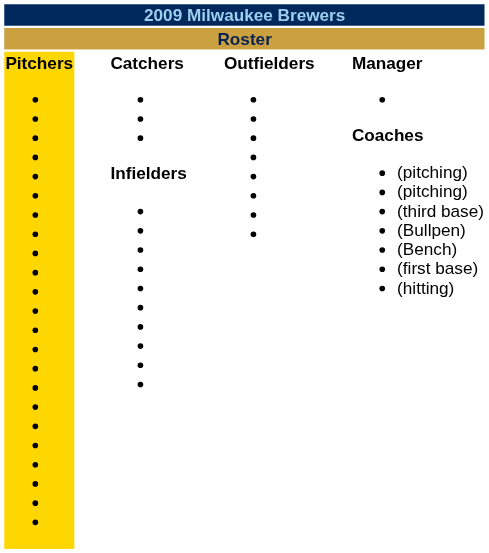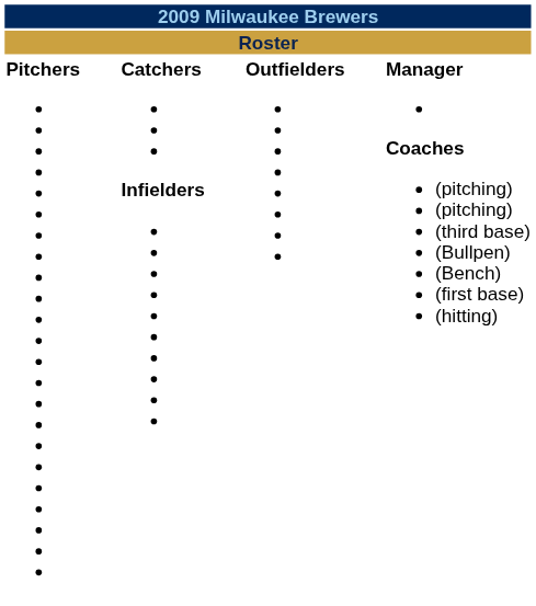 <table class="toccolours" style="font-size: 95%;">
 <tr>
 <th colspan="10" style="background-color: #00285D; color: #9ECEEE; text-align: center;">2009 Milwaukee Brewers</th>
 </tr>
 <tr>
 <td colspan="10" style="background-color: #CBA140; color: #0a2351; text-align: center;"><strong>Roster</strong></td>
 </tr>
 <tr>
-<td valign="top" style="background: gold;"><strong>Pitchers</strong><br><ul><li></li><li></li><li></li><li></li><li></li><li></li><li></li><li></li><li></li><li></li><li></li><li></li><li></li><li></li><li></li><li></li><li></li><li></li><li></li><li></li><li></li><li></li><li></li></ul></td>
+<td valign="top"><strong>Pitchers</strong><br><ul><li></li><li></li><li></li><li></li><li></li><li></li><li></li><li></li><li></li><li></li><li></li><li></li><li></li><li></li><li></li><li></li><li></li><li></li><li></li><li></li><li></li><li></li><li></li></ul></td>
 <td width="25px"></td>
 <td valign="top"><strong>Catchers</strong><br><ul><li></li><li></li><li></li></ul><strong>Infielders</strong><ul><li></li><li></li><li></li><li></li><li></li><li></li><li></li><li></li><li></li><li></li></ul></td>
 <td width="25px"></td>
 <td valign="top"><strong>Outfielders</strong><br><ul><li></li><li></li><li></li><li></li><li></li><li></li><li></li><li></li></ul></td>
 <td width="25px"></td>
 <td valign="top"><strong>Manager</strong><br><ul><li></li></ul><strong>Coaches</strong><ul><li>   (pitching)</li><li>   (pitching)</li><li>  (third base)</li><li> (Bullpen)</li><li> (Bench)</li><li> (first base)</li><li> (hitting)</li></ul></td>
 </tr>
 <tr>
 </tr>
 </table>
